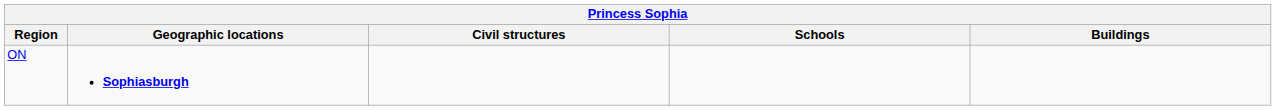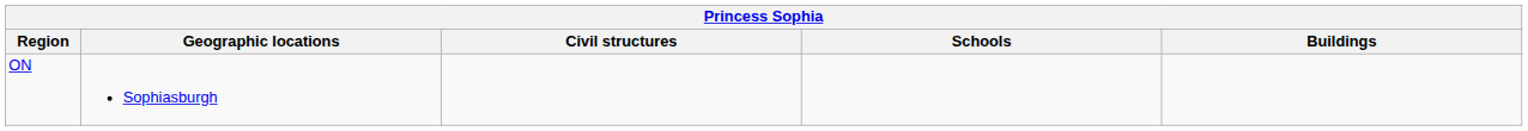 <table class="wikitable" width="100%">
 <tr>
 <th colspan="6"> <a href='#'>Princess Sophia</a></th>
 </tr>
 <tr>
 <th width="5%">Region</th>
 <th width="23.75%">Geographic locations</th>
 <th width="23.75%">Civil structures</th>
 <th width="23.75%">Schools</th>
 <th width="23.75%">Buildings</th>
 </tr>
 <tr>
 <td align=left valign=top> <a href='#'>ON</a></td>
-<td align=left valign=top><strong><br><ul><li><a href='#'>Sophiasburgh</a></li></ul></strong></td>
+<td align=left valign=top><br><ul><li><a href='#'>Sophiasburgh</a></li></ul></td>
 <td></td>
 <td></td>
 <td></td>
 </tr>
 </table>
